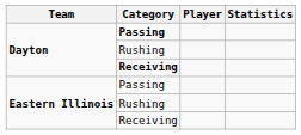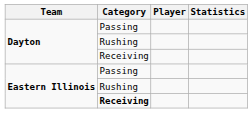 <table class="wikitable" style="float: right;">
 <tr>
 <th>Team</th>
 <th>Category</th>
 <th>Player</th>
 <th>Statistics</th>
 </tr>
 <tr>
 <td rowspan=3><strong>Dayton</strong></td>
-<td><strong>Passing</strong></td>
+<td>Passing</td>
 <td></td>
 <td></td>
 </tr>
 <tr>
 <td>Rushing</td>
 <td></td>
 <td></td>
 </tr>
 <tr>
-<td><strong>Receiving</strong></td>
+<td>Receiving</td>
 <td></td>
 <td></td>
 </tr>
 <tr>
 <td rowspan=3><strong>Eastern Illinois</strong></td>
 <td>Passing</td>
 <td></td>
 <td></td>
 </tr>
 <tr>
 <td>Rushing</td>
 <td></td>
 <td></td>
 </tr>
 <tr>
-<td>Receiving</td>
+<td><strong>Receiving</strong></td>
 <td></td>
 <td></td>
 </tr>
 </table>
